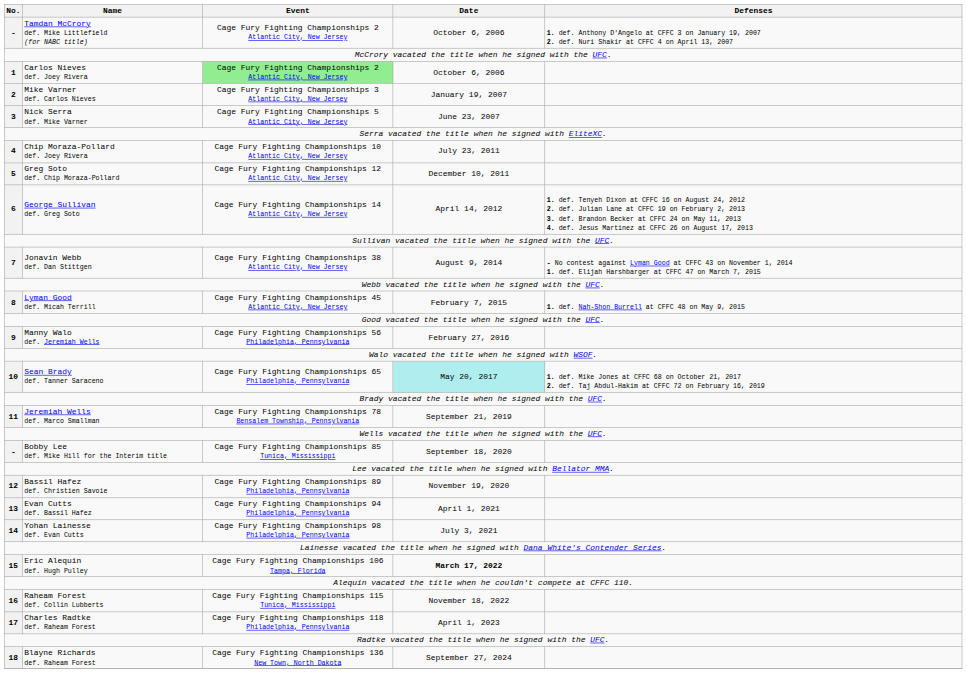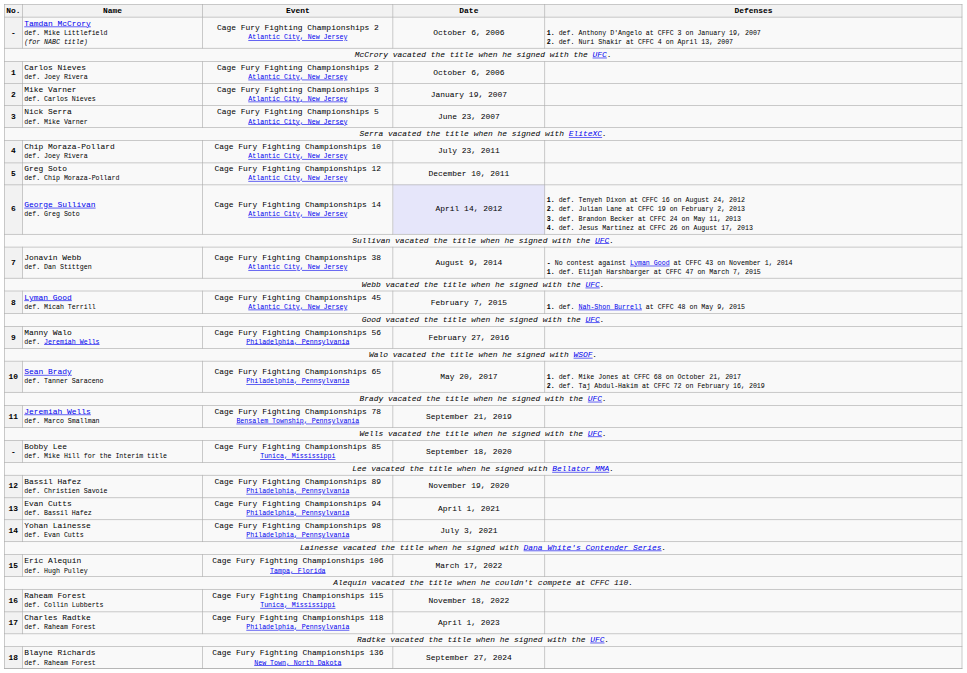 <table class="wikitable">
 <tr>
 <th width=1%>No.</th>
 <th width=19%>Name</th>
 <th width=20%>Event</th>
 <th width=16%>Date</th>
 <th width=44%>Defenses</th>
 </tr>
 <tr>
 <th>-</th>
 <td style="text-align:left"> <a href='#'>Tamdan McCrory</a><br><small>def. Mike Littlefield <br><em>(for NABC title) </em></small></td>
 <td style="text-align:center">Cage Fury Fighting Championships 2<br><small><a href='#'>Atlantic City, New Jersey</a></small></td>
 <td style="text-align:center">October 6, 2006</td>
 <td><br><small><strong>1.</strong> def. Anthony D'Angelo at CFFC 3 on January 19, 2007<br> <strong>2.</strong> def. Nuri Shakir at CFFC 4 on April 13, 2007</small></td>
 </tr>
 <tr>
 <td style="text-align:center" colspan="5"><em>McCrory vacated the title when he signed with the <a href='#'>UFC</a>.</em></td>
 </tr>
 <tr>
 <th>1</th>
 <td style="text-align:left"> Carlos Nieves<br><small>def. Joey Rivera</small></td>
-<td style="background: lightgreen; text-align:center">Cage Fury Fighting Championships 2<br><small><a href='#'>Atlantic City, New Jersey</a></small></td>
+<td style="text-align:center">Cage Fury Fighting Championships 2<br><small><a href='#'>Atlantic City, New Jersey</a></small></td>
 <td style="text-align:center">October 6, 2006</td>
 <td></td>
 </tr>
 <tr>
 <th>2</th>
 <td style="text-align:left"> Mike Varner<br><small>def. Carlos Nieves</small></td>
 <td style="text-align:center">Cage Fury Fighting Championships 3<br><small><a href='#'>Atlantic City, New Jersey</a></small></td>
 <td style="text-align:center">January 19, 2007</td>
 <td></td>
 </tr>
 <tr>
 <th>3</th>
 <td style="text-align:left"> Nick Serra<br><small>def. Mike Varner</small></td>
 <td style="text-align:center">Cage Fury Fighting Championships 5<br><small><a href='#'>Atlantic City, New Jersey</a></small></td>
 <td style="text-align:center">June 23, 2007</td>
 <td></td>
 </tr>
 <tr>
 <td style="text-align:center" colspan="5"><em>Serra vacated the title when he signed with <a href='#'>EliteXC</a>.</em></td>
 </tr>
 <tr>
 <th>4</th>
 <td style="text-align:left"> Chip Moraza-Pollard<br><small>def. Joey Rivera</small></td>
 <td style="text-align:center">Cage Fury Fighting Championships 10<br><small><a href='#'>Atlantic City, New Jersey</a></small></td>
 <td style="text-align:center">July 23, 2011</td>
 <td></td>
 </tr>
 <tr>
 <th>5</th>
 <td style="text-align:left"> Greg Soto<br><small>def. Chip Moraza-Pollard</small></td>
 <td style="text-align:center">Cage Fury Fighting Championships 12<br><small><a href='#'>Atlantic City, New Jersey</a></small></td>
 <td style="text-align:center">December 10, 2011</td>
 <td></td>
 </tr>
 <tr>
 <th>6</th>
 <td style="text-align:left"> <a href='#'>George Sullivan</a><br><small>def. Greg Soto</small></td>
 <td style="text-align:center">Cage Fury Fighting Championships 14<br><small><a href='#'>Atlantic City, New Jersey</a></small></td>
-<td style="text-align:center">April 14, 2012</td>
+<td style="background: lavender; text-align:center">April 14, 2012</td>
 <td><br><small><strong>1.</strong> def. Tenyeh Dixon at CFFC 16 on August 24, 2012<br> <strong>2.</strong> def. Julian Lane at CFFC 19 on February 2, 2013<br> <strong>3.</strong> def. Brandon Becker at CFFC 24 on May 11, 2013<br> <strong>4.</strong> def. Jesus Martinez at CFFC 26 on August 17, 2013</small></td>
 </tr>
 <tr>
 <td style="text-align:center" colspan="5"><em>Sullivan vacated the title when he signed with the <a href='#'>UFC</a>.</em></td>
 </tr>
 <tr>
 <th>7</th>
 <td style="text-align:left"> Jonavin Webb<br><small>def. Dan Stittgen</small></td>
 <td style="text-align:center">Cage Fury Fighting Championships 38<br><small><a href='#'>Atlantic City, New Jersey</a></small></td>
 <td style="text-align:center">August 9, 2014</td>
 <td><br><small><strong>-</strong> No contest against <a href='#'>Lyman Good</a> at CFFC 43 on November 1, 2014<br> <strong>1.</strong> def. Elijah Harshbarger at CFFC 47 on March 7, 2015</small></td>
 </tr>
 <tr>
 <td style="text-align:center" colspan="5"><em>Webb vacated the title when he signed with the <a href='#'>UFC</a>.</em></td>
 </tr>
 <tr>
 <th>8</th>
 <td style="text-align:left"> <a href='#'>Lyman Good</a><br><small>def. Micah Terrill</small></td>
 <td style="text-align:center">Cage Fury Fighting Championships 45<br><small><a href='#'>Atlantic City, New Jersey</a></small></td>
 <td style="text-align:center">February 7, 2015</td>
 <td><br><small><strong>1.</strong> def. <a href='#'>Nah-Shon Burrell</a> at CFFC 48 on May 9, 2015</small></td>
 </tr>
 <tr>
 <td style="text-align:center" colspan="5"><em>Good vacated the title when he signed with the <a href='#'>UFC</a>.</em></td>
 </tr>
 <tr>
 <th>9</th>
 <td style="text-align:left"> Manny Walo<br><small>def. <a href='#'>Jeremiah Wells</a></small></td>
 <td style="text-align:center">Cage Fury Fighting Championships 56<br><small><a href='#'>Philadelphia, Pennsylvania</a></small></td>
 <td style="text-align:center">February 27, 2016</td>
 <td></td>
 </tr>
 <tr>
 <td style="text-align:center" colspan="5"><em>Walo vacated the title when he signed with <a href='#'>WSOF</a>.</em></td>
 </tr>
 <tr>
 <th>10</th>
 <td style="text-align:left"> <a href='#'>Sean Brady</a><br><small>def. Tanner Saraceno</small></td>
 <td style="text-align:center">Cage Fury Fighting Championships 65<br><small><a href='#'>Philadelphia, Pennsylvania</a></small></td>
-<td style="background: paleturquoise; text-align:center">May 20, 2017</td>
+<td style="text-align:center">May 20, 2017</td>
 <td><br><small><strong>1.</strong> def. Mike Jones at CFFC 68 on October 21, 2017<br> <strong>2.</strong> def. Taj Abdul-Hakim at CFFC 72 on February 16, 2019</small></td>
 </tr>
 <tr>
 <td style="text-align:center" colspan="5"><em>Brady vacated the title when he signed with the <a href='#'>UFC</a>.</em></td>
 </tr>
 <tr>
 <th>11</th>
 <td style="text-align:left"> <a href='#'>Jeremiah Wells</a><br><small>def. Marco Smallman</small></td>
 <td style="text-align:center">Cage Fury Fighting Championships 78<br><small><a href='#'>Bensalem Township, Pennsylvania</a></small></td>
 <td style="text-align:center">September 21, 2019</td>
 <td></td>
 </tr>
 <tr>
 <td style="text-align:center" colspan="5"><em>Wells vacated the title when he signed with the <a href='#'>UFC</a>.</em></td>
 </tr>
 <tr>
 <th>-</th>
 <td style="text-align:left"> Bobby Lee<br><small>def. Mike Hill for the Interim title</small></td>
 <td style="text-align:center">Cage Fury Fighting Championships 85<br><small><a href='#'>Tunica, Mississippi</a></small></td>
 <td style="text-align:center">September 18, 2020</td>
 <td></td>
 </tr>
 <tr>
 <td style="text-align:center" colspan="5"><em>Lee vacated the title when he signed with <a href='#'>Bellator MMA</a>.</em></td>
 </tr>
 <tr>
 <th>12</th>
 <td style="text-align:left"> Bassil Hafez<br><small>def. Christien Savoie</small></td>
 <td style="text-align:center">Cage Fury Fighting Championships 89<br><small><a href='#'>Philadelphia, Pennsylvania</a></small></td>
 <td style="text-align:center">November 19, 2020</td>
 <td></td>
 </tr>
 <tr>
 <th>13</th>
 <td style="text-align:left"> Evan Cutts<br><small>def. Bassil Hafez</small></td>
 <td style="text-align:center">Cage Fury Fighting Championships 94<br><small><a href='#'>Philadelphia, Pennsylvania</a></small></td>
 <td style="text-align:center">April 1, 2021</td>
 <td></td>
 </tr>
 <tr>
 <th>14</th>
 <td style="text-align:left"> Yohan Lainesse<br><small>def. Evan Cutts</small></td>
 <td style="text-align:center">Cage Fury Fighting Championships 98<br><small><a href='#'>Philadelphia, Pennsylvania</a></small></td>
 <td style="text-align:center">July 3, 2021</td>
 <td></td>
 </tr>
 <tr>
 <td style="text-align:center" colspan="5"><em>Lainesse vacated the title when he signed with <a href='#'>Dana White's Contender Series</a>.</em></td>
 </tr>
 <tr>
 <th>15</th>
 <td style="text-align:left"> Eric Alequin<br><small>def. Hugh Pulley</small></td>
 <td style="text-align:center">Cage Fury Fighting Championships 106<br><small><a href='#'>Tampa, Florida</a></small></td>
-<td style="text-align:center"><strong>March 17, 2022</strong></td>
+<td style="text-align:center">March 17, 2022</td>
 <td></td>
 </tr>
 <tr>
 <td style="text-align:center" colspan="5"><em>Alequin vacated the title when he couldn't compete at CFFC 110.</em></td>
 </tr>
 <tr>
 <th>16</th>
 <td style="text-align:left"> Raheam Forest<br><small>def. Collin Lubberts </small></td>
 <td style="text-align:center">Cage Fury Fighting Championships 115<br><small><a href='#'>Tunica, Mississippi</a></small></td>
 <td style="text-align:center">November 18, 2022</td>
 <td></td>
 </tr>
 <tr>
 <th>17</th>
 <td style="text-align:left"> Charles Radtke<br><small>def. Raheam Forest </small></td>
 <td style="text-align:center">Cage Fury Fighting Championships 118<br><small><a href='#'>Philadelphia, Pennsylvania</a></small></td>
 <td style="text-align:center">April 1, 2023</td>
 <td></td>
 </tr>
 <tr>
 <td style="text-align:center" colspan="5"><em>Radtke vacated the title when he signed with the <a href='#'>UFC</a>.</em></td>
 </tr>
 <tr>
 <th>18</th>
 <td style="text-align:left"> Blayne Richards<br><small>def. Raheam Forest </small></td>
 <td style="text-align:center">Cage Fury Fighting Championships 136<br><small><a href='#'>New Town, North Dakota</a></small></td>
 <td style="text-align:center">September 27, 2024</td>
 <td></td>
 </tr>
 <tr>
 </tr>
 </table>
